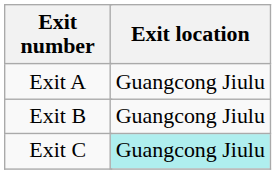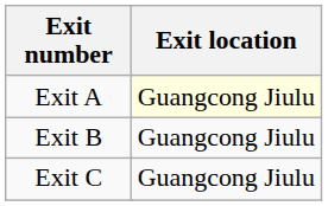 <table class="wikitable">
 <tr>
 <th style="width:70px" colspan="2">Exit number</th>
 <th>Exit location</th>
 </tr>
 <tr>
 <td align="center" colspan="2">Exit A</td>
-<td>Guangcong Jiulu</td>
+<td style="background: lightyellow;">Guangcong Jiulu</td>
 </tr>
 <tr>
 <td align="center" colspan="2">Exit B</td>
 <td>Guangcong Jiulu</td>
 </tr>
 <tr>
 <td align="center" colspan="2">Exit C</td>
-<td style="background: paleturquoise;">Guangcong Jiulu</td>
+<td>Guangcong Jiulu</td>
 </tr>
 </table>
